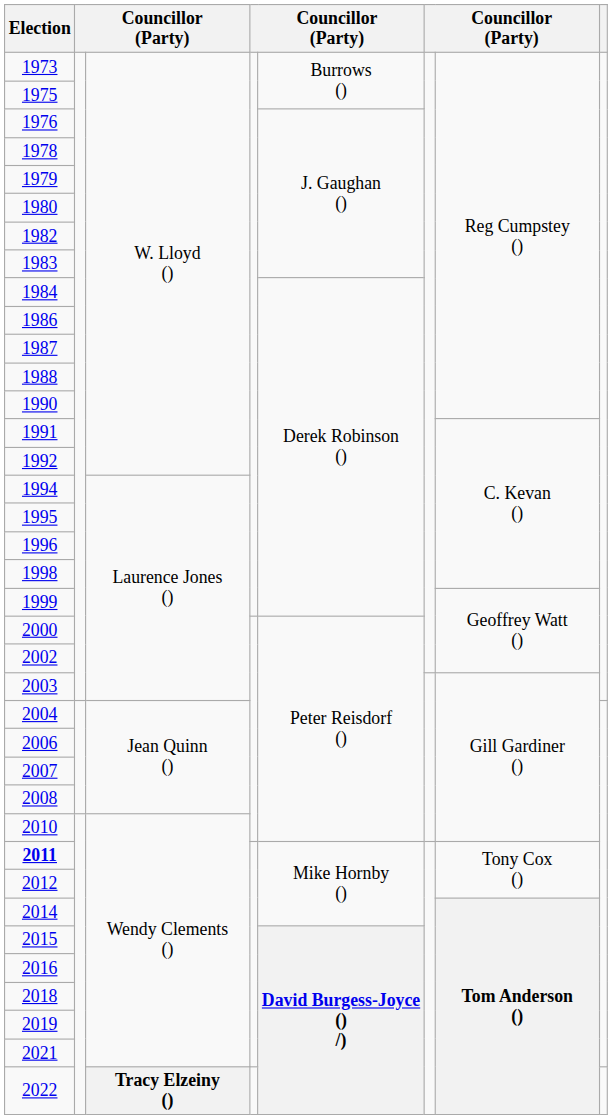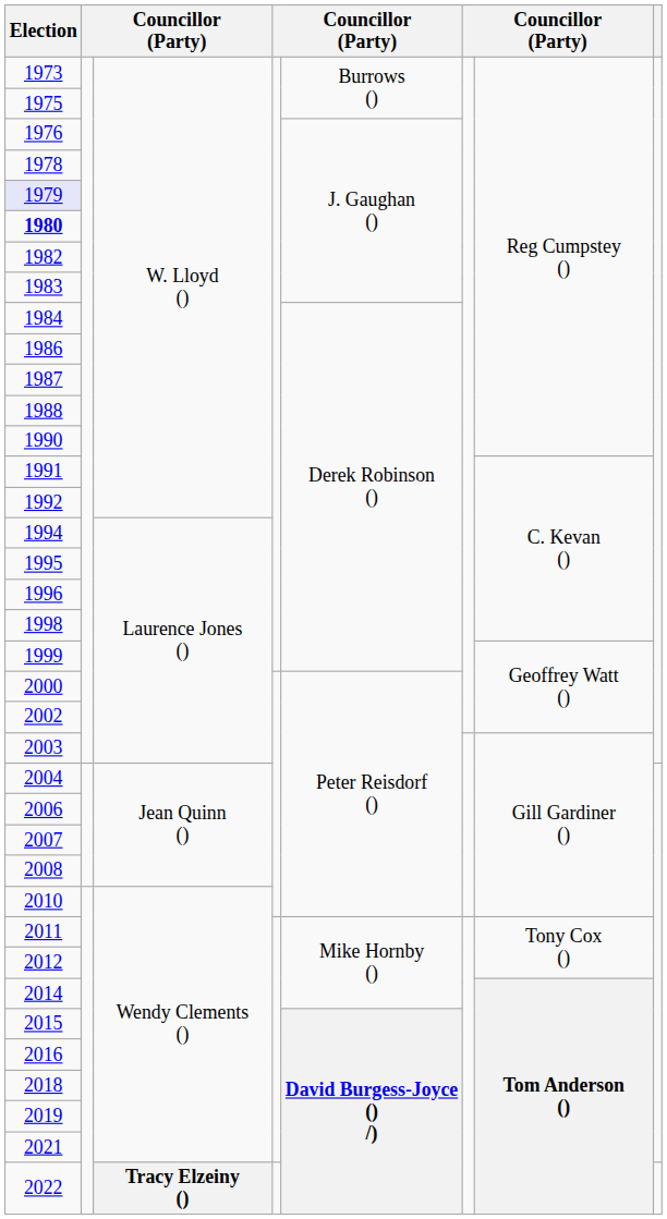 <table class="wikitable" style="text-align:center">
 <tr>
 <th>Election</th>
 <th scope="col" width="150" colspan = "2">Councillor<br> (Party)</th>
 <th scope="col" width="150" colspan = "2">Councillor<br> (Party)</th>
 <th scope="col" width="150" colspan = "2">Councillor<br> (Party)</th>
 <th></th>
 </tr>
 <tr>
 <td><a href='#'>1973</a></td>
 <td rowspan=23 style="background-color: "></td>
 <td rowspan=15>W. Lloyd<br>(<a href='#'></a>)</td>
 <td rowspan=20 style="background-color: "></td>
 <td rowspan=2>Burrows<br>(<a href='#'></a>)</td>
 <td rowspan=22 style="background-color: "></td>
 <td rowspan=13>Reg Cumpstey<br>(<a href='#'></a>)</td>
 <td rowspan=23></td>
 </tr>
 <tr>
 <td><a href='#'>1975</a></td>
 </tr>
 <tr>
 <td><a href='#'>1976</a></td>
 <td rowspan=6>J. Gaughan<br>(<a href='#'></a>)</td>
 </tr>
 <tr>
 <td><a href='#'>1978</a></td>
 </tr>
 <tr>
-<td><a href='#'>1979</a></td>
+<td style="background: lavender;"><a href='#'>1979</a></td>
 </tr>
 <tr>
-<td><a href='#'>1980</a></td>
+<td><strong><a href='#'>1980</a></strong></td>
 </tr>
 <tr>
 <td><a href='#'>1982</a></td>
 </tr>
 <tr>
 <td><a href='#'>1983</a></td>
 </tr>
 <tr>
 <td><a href='#'>1984</a></td>
 <td rowspan=12>Derek Robinson<br>(<a href='#'></a>)</td>
 </tr>
 <tr>
 <td><a href='#'>1986</a></td>
 </tr>
 <tr>
 <td><a href='#'>1987</a></td>
 </tr>
 <tr>
 <td><a href='#'>1988</a></td>
 </tr>
 <tr>
 <td><a href='#'>1990</a></td>
 </tr>
 <tr>
 <td><a href='#'>1991</a></td>
 <td rowspan=6>C. Kevan<br>(<a href='#'></a>)</td>
 </tr>
 <tr>
 <td><a href='#'>1992</a></td>
 </tr>
 <tr>
 <td><a href='#'>1994</a></td>
 <td rowspan=8>Laurence Jones<br>(<a href='#'></a>)</td>
 </tr>
 <tr>
 <td><a href='#'>1995</a></td>
 </tr>
 <tr>
 <td><a href='#'>1996</a></td>
 </tr>
 <tr>
 <td><a href='#'>1998</a></td>
 </tr>
 <tr>
 <td><a href='#'>1999</a></td>
 <td rowspan=3>Geoffrey Watt<br>(<a href='#'></a>)</td>
 </tr>
 <tr>
 <td><a href='#'>2000</a></td>
 <td rowspan=8 style="background-color: "></td>
 <td rowspan=8>Peter Reisdorf<br>(<a href='#'></a>)</td>
 </tr>
 <tr>
 <td><a href='#'>2002</a></td>
 </tr>
 <tr>
 <td><a href='#'>2003</a></td>
 <td rowspan=6 style="background-color: "></td>
 <td rowspan=6>Gill Gardiner<br>(<a href='#'></a>)</td>
 </tr>
 <tr>
 <td><a href='#'>2004</a></td>
 <td rowspan=4 style="background-color: "></td>
 <td rowspan=4>Jean Quinn<br>(<a href='#'></a>)</td>
 <td rowspan=14></td>
 </tr>
 <tr>
 <td><a href='#'>2006</a></td>
 </tr>
 <tr>
 <td><a href='#'>2007</a></td>
 </tr>
 <tr>
 <td><a href='#'>2008</a></td>
 </tr>
 <tr>
 <td><a href='#'>2010</a></td>
 <td rowspan=11 style="background-color: "></td>
 <td rowspan=9>Wendy Clements<br>(<a href='#'></a>)</td>
 </tr>
 <tr>
-<td><strong><a href='#'>2011</a></strong></td>
+<td><a href='#'>2011</a></td>
 <td rowspan=9 style="background-color: "></td>
 <td rowspan=3>Mike Hornby<br>(<a href='#'></a>)</td>
 <td rowspan=10 style="background-color: "></td>
 <td rowspan=2>Tony Cox<br>(<a href='#'></a>)</td>
 </tr>
 <tr>
 <td><a href='#'>2012</a></td>
 </tr>
 <tr>
 <td><a href='#'>2014</a></td>
 <th rowspan=8>Tom Anderson<br>(<a href='#'></a>)</th>
 </tr>
 <tr>
 <td><a href='#'>2015</a></td>
 <th rowspan=7><a href='#'>David Burgess-Joyce</a><br>(<a href='#'></a>)<br>/<a href='#'></a>)</th>
 </tr>
 <tr>
 <td><a href='#'>2016</a></td>
 </tr>
 <tr>
 <td><a href='#'>2018</a></td>
 </tr>
 <tr>
 <td><a href='#'>2019</a></td>
 </tr>
 <tr>
 <td><a href='#'>2021</a></td>
 </tr>
 <tr>
 <td rowspan=2><a href='#'>2022</a></td>
 <th rowspan=2>Tracy Elzeiny<br>(<a href='#'></a>)</th>
 </tr>
 <tr>
 <td style="background-color: "></td>
 <td></td>
 </tr>
 </table>
